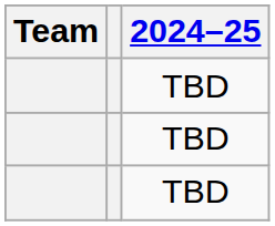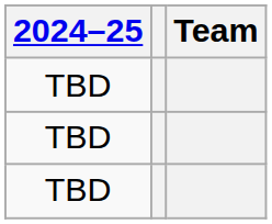 <table class="wikitable" style="text-align:center;">
 <tr>
+<th><a href='#'>2024–25</a></th>
+<th></th>
 <th>Team</th>
-<th></th>
-<th><a href='#'>2024–25</a></th>
 </tr>
 <tr>
+<td>TBD</td>
+<th></th>
 <th style="text-align:left;"></th>
-<th></th>
-<td>TBD</td>
 </tr>
 <tr>
+<td>TBD</td>
+<th></th>
 <th style="text-align:left;"></th>
-<th></th>
-<td>TBD</td>
 </tr>
 <tr>
+<td>TBD</td>
+<th></th>
 <th style="text-align:left;"></th>
-<th></th>
-<td>TBD</td>
 </tr>
 </table>
